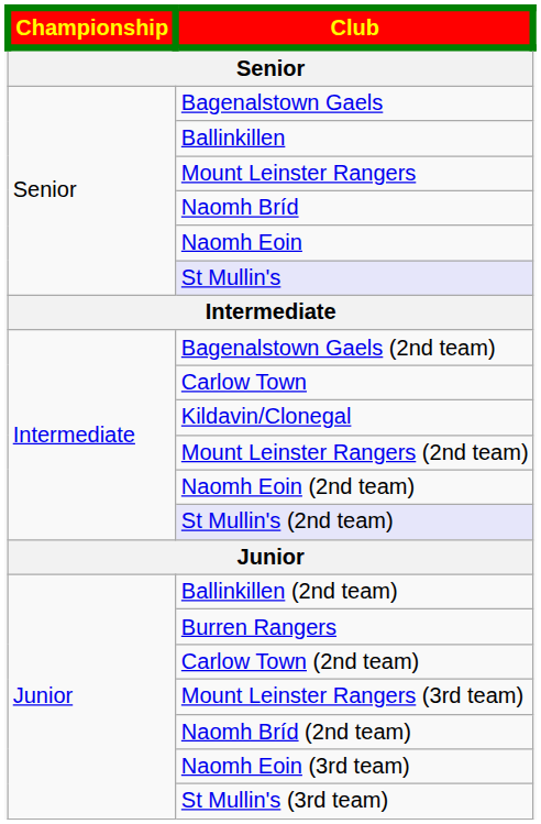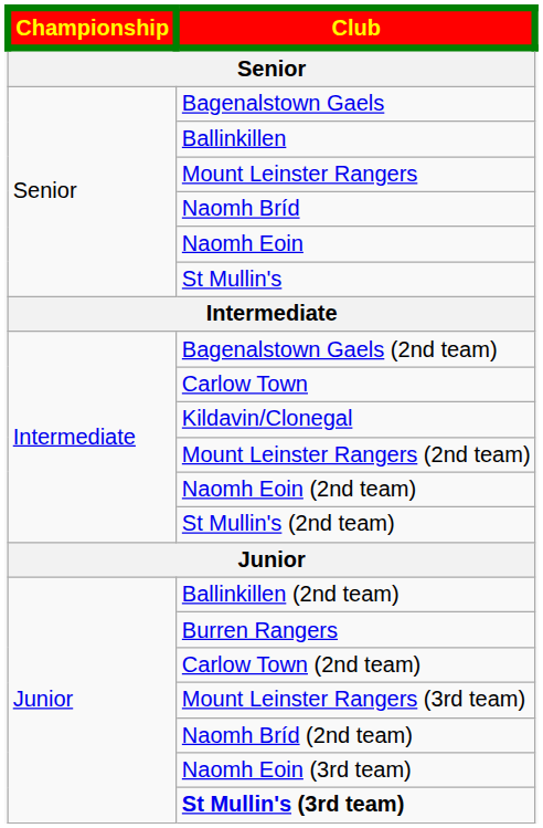 <table class="wikitable sortable">
 <tr>
 <th style="background:red;color: yellow;border:5px solid green">Championship</th>
 <th style="background:red;color: yellow;border:5px solid green">Club</th>
 </tr>
 <tr>
 <th colspan="2">Senior</th>
 </tr>
 <tr>
 <td rowspan="6">Senior</td>
 <td style="text-align:left"> <a href='#'>Bagenalstown Gaels</a></td>
 </tr>
 <tr>
 <td style="text-align:left"> <a href='#'>Ballinkillen</a></td>
 </tr>
 <tr>
 <td style="text-align:left"> <a href='#'>Mount Leinster Rangers</a></td>
 </tr>
 <tr>
 <td style="text-align:left"> <a href='#'>Naomh Bríd</a></td>
 </tr>
 <tr>
 <td style="text-align:left"> <a href='#'>Naomh Eoin</a></td>
 </tr>
 <tr>
-<td style="background: lavender; text-align:left"> <a href='#'>St Mullin's</a></td>
+<td style="text-align:left"> <a href='#'>St Mullin's</a></td>
 </tr>
 <tr>
 <th colspan="2">Intermediate</th>
 </tr>
 <tr>
 <td rowspan="6"><a href='#'>Intermediate</a></td>
 <td> <a href='#'>Bagenalstown Gaels</a> (2nd team)</td>
 </tr>
 <tr>
 <td> <a href='#'>Carlow Town</a></td>
 </tr>
 <tr>
 <td> <a href='#'>Kildavin/Clonegal</a></td>
 </tr>
 <tr>
 <td> <a href='#'>Mount Leinster Rangers</a> (2nd team)</td>
 </tr>
 <tr>
 <td> <a href='#'>Naomh Eoin</a> (2nd team)</td>
 </tr>
 <tr>
-<td style="background: lavender;"> <a href='#'>St Mullin's</a> (2nd team)</td>
+<td> <a href='#'>St Mullin's</a> (2nd team)</td>
 </tr>
 <tr>
 <th colspan="2">Junior</th>
 </tr>
 <tr>
 <td rowspan="7"><a href='#'>Junior</a></td>
 <td> <a href='#'>Ballinkillen</a> (2nd team)</td>
 </tr>
 <tr>
 <td> <a href='#'>Burren Rangers</a></td>
 </tr>
 <tr>
 <td> <a href='#'>Carlow Town</a> (2nd team)</td>
 </tr>
 <tr>
 <td> <a href='#'>Mount Leinster Rangers</a> (3rd team)</td>
 </tr>
 <tr>
 <td> <a href='#'>Naomh Bríd</a> (2nd team)</td>
 </tr>
 <tr>
 <td> <a href='#'>Naomh Eoin</a> (3rd team)</td>
 </tr>
 <tr>
-<td> <a href='#'>St Mullin's</a> (3rd team)</td>
+<td><strong> <a href='#'>St Mullin's</a> (3rd team)</strong></td>
 </tr>
 </table>
